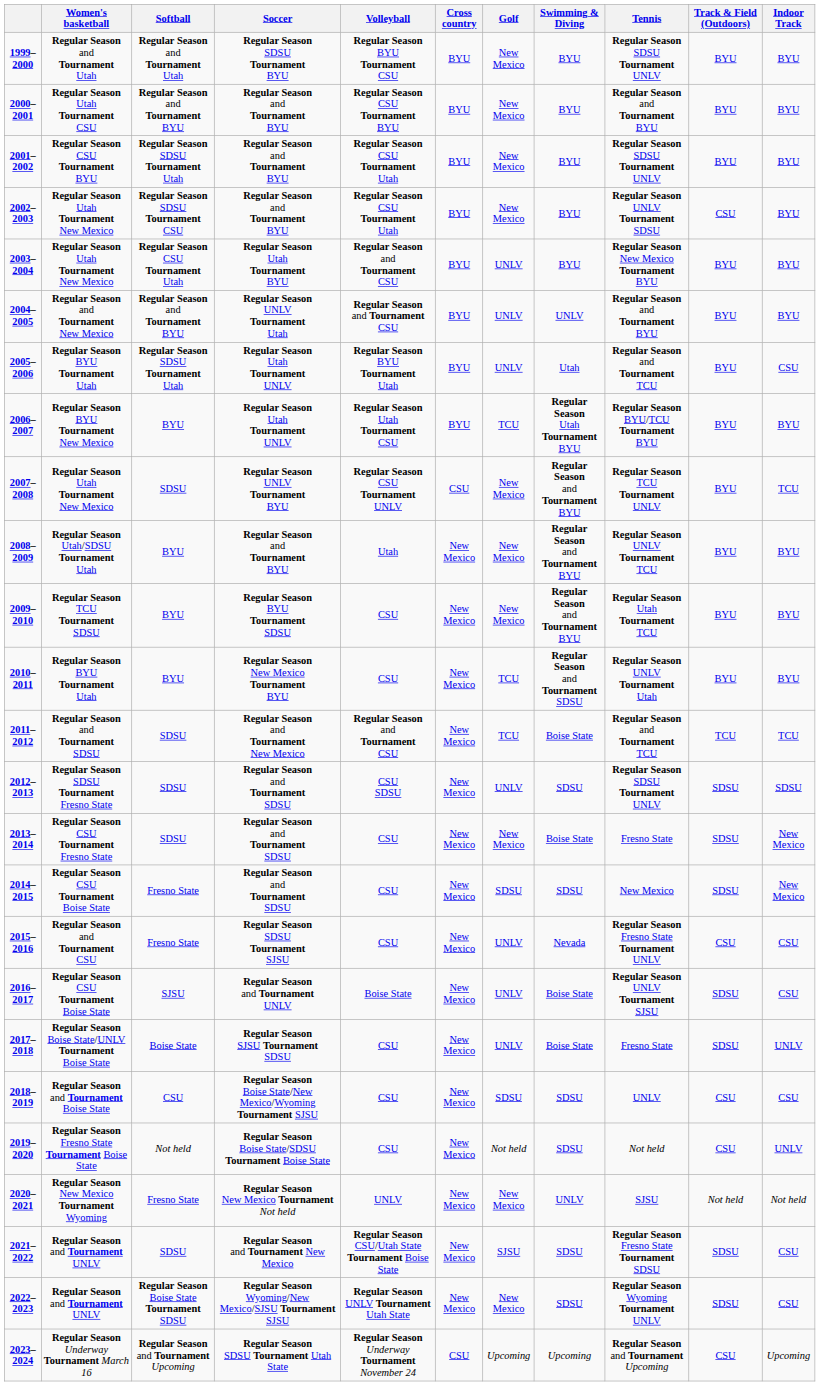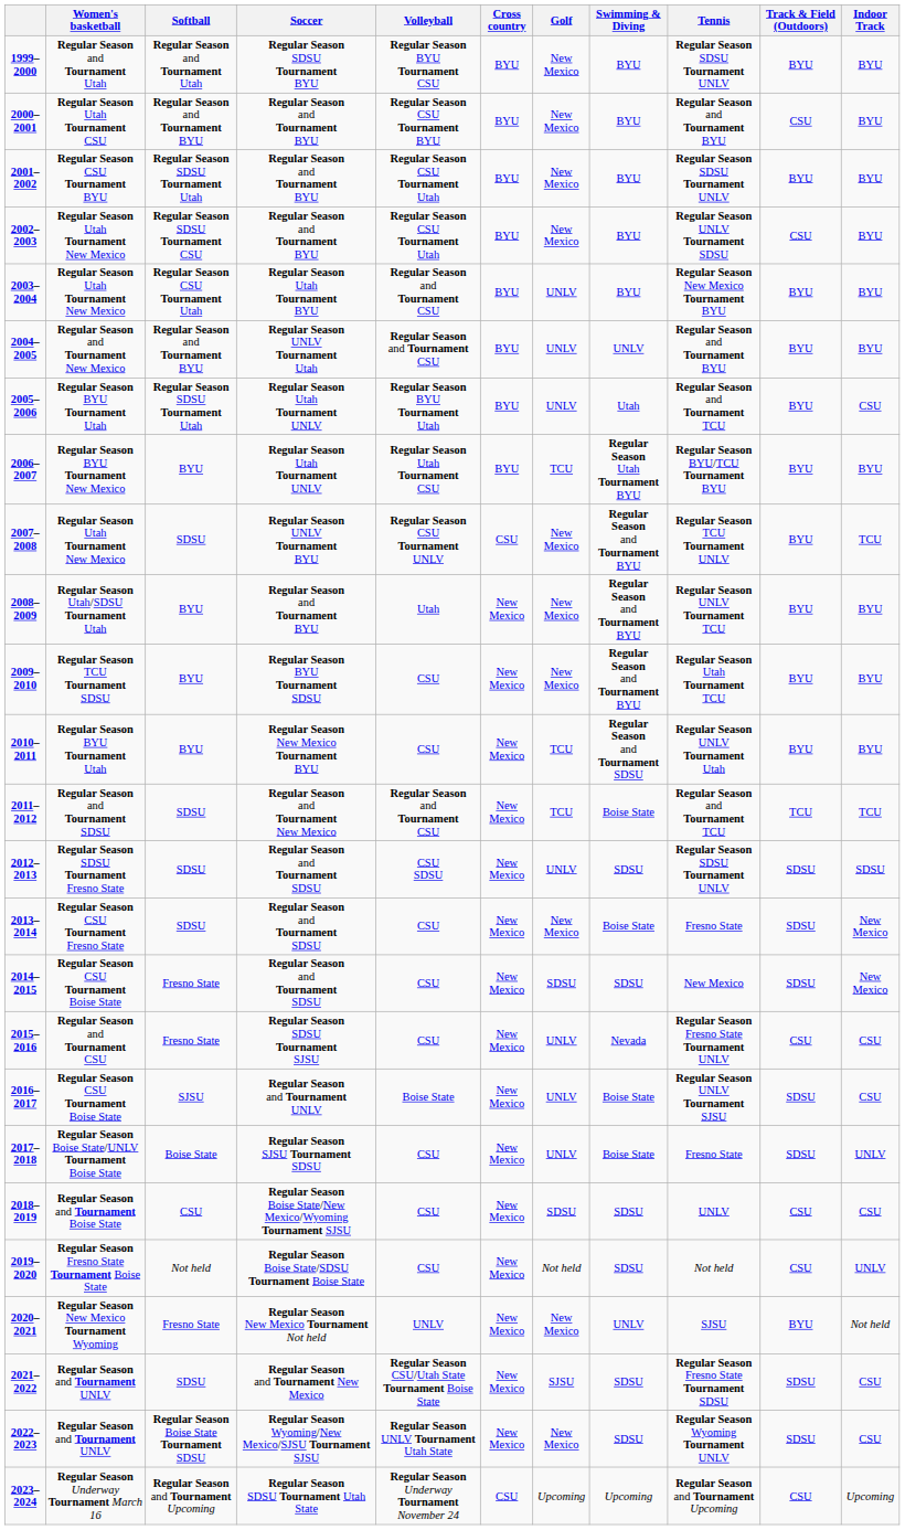 <table class="wikitable" style="text-align:center">
 <tr>
 <th></th>
 <th><a href='#'>Women's basketball</a></th>
 <th><a href='#'>Softball</a></th>
 <th><a href='#'>Soccer</a></th>
 <th><a href='#'>Volleyball</a></th>
 <th><a href='#'>Cross country</a></th>
 <th><a href='#'>Golf</a></th>
 <th><a href='#'>Swimming & Diving</a></th>
 <th><a href='#'>Tennis</a></th>
 <th><a href='#'>Track & Field (Outdoors)</a></th>
 <th><a href='#'>Indoor Track</a></th>
 </tr>
 <tr>
 <td><strong><a href='#'>1999</a>–<a href='#'>2000</a></strong></td>
 <td><strong>Regular Season</strong> <br> and<br><strong>Tournament</strong> <br> <a href='#'>Utah</a></td>
 <td><strong>Regular Season</strong> <br> and <br><strong>Tournament</strong> <br> <a href='#'>Utah</a></td>
 <td><strong>Regular Season</strong> <br> <a href='#'>SDSU</a> <br> <strong>Tournament</strong> <br> <a href='#'>BYU</a></td>
 <td><strong>Regular Season</strong> <br> <a href='#'>BYU</a> <br> <strong>Tournament</strong> <br> <a href='#'>CSU</a></td>
 <td><a href='#'>BYU</a></td>
 <td><a href='#'>New Mexico</a></td>
 <td><a href='#'>BYU</a></td>
 <td><strong>Regular Season</strong> <br> <a href='#'>SDSU</a> <br> <strong>Tournament</strong> <br> <a href='#'>UNLV</a></td>
 <td><a href='#'>BYU</a></td>
 <td><a href='#'>BYU</a></td>
 </tr>
 <tr>
 <td><strong><a href='#'>2000</a>–<a href='#'>2001</a></strong></td>
 <td><strong>Regular Season</strong> <br> <a href='#'>Utah</a> <br> <strong>Tournament</strong> <br> <a href='#'>CSU</a></td>
 <td><strong>Regular Season</strong> <br> and <br> <strong>Tournament</strong> <br> <a href='#'>BYU</a></td>
 <td><strong>Regular Season</strong> <br> and <br> <strong>Tournament</strong> <br> <a href='#'>BYU</a></td>
 <td><strong>Regular Season</strong> <br> <a href='#'>CSU</a> <br> <strong>Tournament</strong> <br> <a href='#'>BYU</a></td>
 <td><a href='#'>BYU</a></td>
 <td><a href='#'>New Mexico</a></td>
 <td><a href='#'>BYU</a></td>
 <td><strong>Regular Season</strong> <br> and <br> <strong>Tournament</strong> <br> <a href='#'>BYU</a></td>
-<td><a href='#'>BYU</a></td>
+<td><a href='#'>CSU</a></td>
 <td><a href='#'>BYU</a></td>
 </tr>
 <tr>
 <td><strong><a href='#'>2001</a>–<a href='#'>2002</a></strong></td>
 <td><strong>Regular Season</strong> <br> <a href='#'>CSU</a> <br> <strong>Tournament</strong> <br> <a href='#'>BYU</a></td>
 <td><strong>Regular Season</strong> <br> <a href='#'>SDSU</a> <br> <strong>Tournament</strong> <br> <a href='#'>Utah</a></td>
 <td><strong>Regular Season</strong> <br> and <br> <strong>Tournament</strong> <br> <a href='#'>BYU</a></td>
 <td><strong>Regular Season</strong> <br> <a href='#'>CSU</a> <br> <strong>Tournament</strong> <br> <a href='#'>Utah</a></td>
 <td><a href='#'>BYU</a></td>
 <td><a href='#'>New Mexico</a></td>
 <td><a href='#'>BYU</a></td>
 <td><strong>Regular Season</strong> <br> <a href='#'>SDSU</a> <br> <strong>Tournament</strong> <br> <a href='#'>UNLV</a></td>
 <td><a href='#'>BYU</a></td>
 <td><a href='#'>BYU</a></td>
 </tr>
 <tr>
 <td><strong><a href='#'>2002</a>–<a href='#'>2003</a></strong></td>
 <td><strong>Regular Season</strong> <br> <a href='#'>Utah</a> <br> <strong>Tournament</strong> <br> <a href='#'>New Mexico</a></td>
 <td><strong>Regular Season</strong> <br> <a href='#'>SDSU</a> <br> <strong>Tournament</strong> <br> <a href='#'>CSU</a></td>
 <td><strong>Regular Season</strong> <br> and <br> <strong>Tournament</strong> <br> <a href='#'>BYU</a></td>
 <td><strong>Regular Season</strong> <br> <a href='#'>CSU</a> <br> <strong>Tournament</strong> <br> <a href='#'>Utah</a></td>
 <td><a href='#'>BYU</a></td>
 <td><a href='#'>New Mexico</a></td>
 <td><a href='#'>BYU</a></td>
 <td><strong>Regular Season</strong> <br> <a href='#'>UNLV</a> <br> <strong>Tournament</strong> <br> <a href='#'>SDSU</a></td>
 <td><a href='#'>CSU</a></td>
 <td><a href='#'>BYU</a></td>
 </tr>
 <tr>
 <td><strong><a href='#'>2003</a>–<a href='#'>2004</a></strong></td>
 <td><strong>Regular Season</strong> <br> <a href='#'>Utah</a> <br> <strong>Tournament</strong> <br> <a href='#'>New Mexico</a></td>
 <td><strong>Regular Season</strong> <br> <a href='#'>CSU</a> <br> <strong>Tournament</strong> <br> <a href='#'>Utah</a></td>
 <td><strong>Regular Season</strong> <br> <a href='#'>Utah</a> <br> <strong>Tournament</strong> <br> <a href='#'>BYU</a></td>
 <td><strong>Regular Season</strong> <br> and <br> <strong>Tournament</strong> <br> <a href='#'>CSU</a></td>
 <td><a href='#'>BYU</a></td>
 <td><a href='#'>UNLV</a></td>
 <td><a href='#'>BYU</a></td>
 <td><strong>Regular Season</strong> <br> <a href='#'>New Mexico</a> <br> <strong>Tournament</strong> <br> <a href='#'>BYU</a></td>
 <td><a href='#'>BYU</a></td>
 <td><a href='#'>BYU</a></td>
 </tr>
 <tr>
 <td><strong><a href='#'>2004</a>–<a href='#'>2005</a></strong></td>
 <td><strong>Regular Season</strong> <br> and <br><strong>Tournament</strong> <br> <a href='#'>New Mexico</a></td>
 <td><strong>Regular Season</strong> <br> and <br><strong>Tournament</strong> <br> <a href='#'>BYU</a></td>
 <td><strong>Regular Season</strong> <br> <a href='#'>UNLV</a> <br> <strong>Tournament</strong> <br> <a href='#'>Utah</a></td>
 <td><strong>Regular Season</strong> <br> and  <strong>Tournament</strong> <br> <a href='#'>CSU</a></td>
 <td><a href='#'>BYU</a></td>
 <td><a href='#'>UNLV</a></td>
 <td><a href='#'>UNLV</a></td>
 <td><strong>Regular Season</strong> <br> and <br> <strong>Tournament</strong> <br> <a href='#'>BYU</a></td>
 <td><a href='#'>BYU</a></td>
 <td><a href='#'>BYU</a></td>
 </tr>
 <tr>
 <td><strong><a href='#'>2005</a>–<a href='#'>2006</a></strong></td>
 <td><strong>Regular Season</strong> <br> <a href='#'>BYU</a> <br> <strong>Tournament</strong> <br> <a href='#'>Utah</a></td>
 <td><strong>Regular Season</strong> <br> <a href='#'>SDSU</a> <br> <strong>Tournament</strong> <br> <a href='#'>Utah</a></td>
 <td><strong>Regular Season</strong> <br> <a href='#'>Utah</a> <br> <strong>Tournament</strong> <br> <a href='#'>UNLV</a></td>
 <td><strong>Regular Season</strong> <br> <a href='#'>BYU</a> <br> <strong>Tournament</strong> <br> <a href='#'>Utah</a></td>
 <td><a href='#'>BYU</a></td>
 <td><a href='#'>UNLV</a></td>
 <td><a href='#'>Utah</a></td>
 <td><strong>Regular Season</strong> <br> and <br> <strong>Tournament</strong> <br> <a href='#'>TCU</a></td>
 <td><a href='#'>BYU</a></td>
 <td><a href='#'>CSU</a></td>
 </tr>
 <tr>
 <td><strong><a href='#'>2006</a>–<a href='#'>2007</a></strong></td>
 <td><strong>Regular Season</strong> <br> <a href='#'>BYU</a> <br> <strong>Tournament</strong> <br> <a href='#'>New Mexico</a></td>
 <td><a href='#'>BYU</a></td>
 <td><strong>Regular Season</strong> <br> <a href='#'>Utah</a> <br> <strong>Tournament</strong> <br> <a href='#'>UNLV</a></td>
 <td><strong>Regular Season</strong> <br> <a href='#'>Utah</a> <br> <strong>Tournament</strong> <br> <a href='#'>CSU</a></td>
 <td><a href='#'>BYU</a></td>
 <td><a href='#'>TCU</a></td>
 <td><strong>Regular Season</strong> <br> <a href='#'>Utah</a> <br> <strong>Tournament</strong> <br> <a href='#'>BYU</a></td>
 <td><strong>Regular Season</strong> <br> <a href='#'>BYU</a>/<a href='#'>TCU</a> <br> <strong>Tournament</strong> <br> <a href='#'>BYU</a></td>
 <td><a href='#'>BYU</a></td>
 <td><a href='#'>BYU</a></td>
 </tr>
 <tr>
 <td><strong><a href='#'>2007</a>–<a href='#'>2008</a></strong></td>
 <td><strong>Regular Season</strong> <br> <a href='#'>Utah</a><br> <strong>Tournament</strong> <br> <a href='#'>New Mexico</a></td>
 <td><a href='#'>SDSU</a></td>
 <td><strong>Regular Season</strong> <br> <a href='#'>UNLV</a> <br> <strong>Tournament</strong> <br> <a href='#'>BYU</a></td>
 <td><strong>Regular Season</strong> <br> <a href='#'>CSU</a> <br> <strong>Tournament</strong> <br> <a href='#'>UNLV</a></td>
 <td><a href='#'>CSU</a></td>
 <td><a href='#'>New Mexico</a></td>
 <td><strong>Regular Season</strong><br>and<br><strong>Tournament</strong><br><a href='#'>BYU</a></td>
 <td><strong>Regular Season</strong><br><a href='#'>TCU</a><br><strong>Tournament</strong><br><a href='#'>UNLV</a></td>
 <td><a href='#'>BYU</a></td>
 <td><a href='#'>TCU</a></td>
 </tr>
 <tr>
 <td><strong><a href='#'>2008</a>–<a href='#'>2009</a></strong></td>
 <td><strong>Regular Season</strong><br><a href='#'>Utah</a>/<a href='#'>SDSU</a> <br><strong>Tournament</strong><br><a href='#'>Utah</a></td>
 <td><a href='#'>BYU</a></td>
 <td><strong>Regular Season</strong><br>and<br><strong>Tournament</strong><br><a href='#'>BYU</a></td>
 <td><a href='#'>Utah</a></td>
 <td><a href='#'>New Mexico</a></td>
 <td><a href='#'>New Mexico</a></td>
 <td><strong>Regular Season</strong><br>and<br><strong>Tournament</strong><br><a href='#'>BYU</a></td>
 <td><strong>Regular Season</strong><br><a href='#'>UNLV</a><br><strong>Tournament</strong><br><a href='#'>TCU</a></td>
 <td><a href='#'>BYU</a></td>
 <td><a href='#'>BYU</a></td>
 </tr>
 <tr>
 <td><strong><a href='#'>2009</a>–<a href='#'>2010</a></strong></td>
 <td><strong>Regular Season</strong><br> <a href='#'>TCU</a> <br><strong>Tournament</strong><br> <a href='#'>SDSU</a></td>
 <td><a href='#'>BYU</a></td>
 <td><strong>Regular Season</strong> <br> <a href='#'>BYU</a><br><strong>Tournament</strong> <br> <a href='#'>SDSU</a></td>
 <td><a href='#'>CSU</a></td>
 <td><a href='#'>New Mexico</a></td>
 <td><a href='#'>New Mexico</a></td>
 <td><strong>Regular Season</strong><br> and <br><strong>Tournament</strong><br> <a href='#'>BYU</a></td>
 <td><strong>Regular Season</strong> <br> <a href='#'>Utah</a> <br> <strong>Tournament</strong> <br> <a href='#'>TCU</a></td>
 <td><a href='#'>BYU</a></td>
 <td><a href='#'>BYU</a></td>
 </tr>
 <tr>
 <td><strong><a href='#'>2010</a>–<a href='#'>2011</a></strong></td>
 <td><strong>Regular Season</strong><br> <a href='#'>BYU</a> <br><strong>Tournament</strong><br> <a href='#'>Utah</a></td>
 <td><a href='#'>BYU</a></td>
 <td><strong>Regular Season</strong><br> <a href='#'>New Mexico</a><br><strong>Tournament</strong> <br> <a href='#'>BYU</a></td>
 <td><a href='#'>CSU</a></td>
 <td><a href='#'>New Mexico</a></td>
 <td><a href='#'>TCU</a></td>
 <td><strong>Regular Season</strong><br> and <br><strong>Tournament</strong><br>  <a href='#'>SDSU</a></td>
 <td><strong>Regular Season</strong><br> <a href='#'>UNLV</a> <br><strong>Tournament</strong> <br> <a href='#'>Utah</a></td>
 <td><a href='#'>BYU</a></td>
 <td><a href='#'>BYU</a></td>
 </tr>
 <tr>
 <td><strong><a href='#'>2011</a>–<a href='#'>2012</a></strong></td>
 <td><strong>Regular Season</strong><br> and <br><strong>Tournament</strong> <br> <a href='#'>SDSU</a></td>
 <td><a href='#'>SDSU</a></td>
 <td><strong>Regular Season</strong><br> and <br><strong>Tournament</strong><br><a href='#'>New Mexico</a></td>
 <td><strong>Regular Season</strong><br> and <br><strong>Tournament</strong><br><a href='#'>CSU</a></td>
 <td><a href='#'>New Mexico</a></td>
 <td><a href='#'>TCU</a></td>
 <td><a href='#'>Boise State</a></td>
 <td><strong>Regular Season</strong><br> and <br><strong>Tournament</strong><br><a href='#'>TCU</a></td>
 <td><a href='#'>TCU</a></td>
 <td><a href='#'>TCU</a></td>
 </tr>
 <tr>
 <td><strong><a href='#'>2012</a>–<a href='#'>2013</a></strong></td>
 <td><strong>Regular Season</strong> <br><a href='#'>SDSU</a> <br><strong>Tournament</strong><br> <a href='#'>Fresno State</a></td>
 <td><a href='#'>SDSU</a></td>
 <td><strong>Regular Season</strong><br> and <br><strong>Tournament</strong> <br> <a href='#'>SDSU</a></td>
 <td><a href='#'>CSU</a><br><a href='#'>SDSU</a></td>
 <td><a href='#'>New Mexico</a></td>
 <td><a href='#'>UNLV</a></td>
 <td><a href='#'>SDSU</a></td>
 <td><strong>Regular Season</strong> <br><a href='#'>SDSU</a> <br><strong>Tournament</strong><br><a href='#'>UNLV</a></td>
 <td><a href='#'>SDSU</a></td>
 <td><a href='#'>SDSU</a></td>
 </tr>
 <tr>
 <td><strong><a href='#'>2013</a>–<a href='#'>2014</a></strong></td>
 <td><strong>Regular Season</strong> <br><a href='#'>CSU</a> <br><strong>Tournament</strong><br><a href='#'>Fresno State</a></td>
 <td><a href='#'>SDSU</a></td>
 <td><strong>Regular Season</strong><br> and <br><strong>Tournament</strong> <br> <a href='#'>SDSU</a></td>
 <td><a href='#'>CSU</a></td>
 <td><a href='#'>New Mexico</a></td>
 <td><a href='#'>New Mexico</a></td>
 <td><a href='#'>Boise State</a></td>
 <td><a href='#'>Fresno State</a></td>
 <td><a href='#'>SDSU</a></td>
 <td><a href='#'>New Mexico</a></td>
 </tr>
 <tr>
 <td><strong><a href='#'>2014</a>–<a href='#'>2015</a></strong></td>
 <td><strong>Regular Season</strong> <br><a href='#'>CSU</a><br><strong>Tournament</strong><br><a href='#'>Boise State</a></td>
 <td><a href='#'>Fresno State</a></td>
 <td><strong>Regular Season</strong><br> and <br><strong>Tournament</strong> <br> <a href='#'>SDSU</a></td>
 <td><a href='#'>CSU</a></td>
 <td><a href='#'>New Mexico</a></td>
 <td><a href='#'>SDSU</a></td>
 <td><a href='#'>SDSU</a></td>
 <td><a href='#'>New Mexico</a></td>
 <td><a href='#'>SDSU</a></td>
 <td><a href='#'>New Mexico</a></td>
 </tr>
 <tr>
 <td><strong><a href='#'>2015</a>–<a href='#'>2016</a></strong></td>
 <td><strong>Regular Season</strong> <br>and<br><strong>Tournament</strong><br><a href='#'>CSU</a></td>
 <td><a href='#'>Fresno State</a></td>
 <td><strong>Regular Season</strong><br><a href='#'>SDSU</a><br><strong>Tournament</strong> <br><a href='#'>SJSU</a></td>
 <td><a href='#'>CSU</a></td>
 <td><a href='#'>New Mexico</a></td>
 <td><a href='#'>UNLV</a></td>
 <td><a href='#'>Nevada</a></td>
 <td><strong>Regular Season</strong> <br><a href='#'>Fresno State</a><br><strong>Tournament</strong><br><a href='#'>UNLV</a></td>
 <td><a href='#'>CSU</a></td>
 <td><a href='#'>CSU</a></td>
 </tr>
 <tr>
 <td><strong><a href='#'>2016</a>–<a href='#'>2017</a></strong></td>
 <td><strong>Regular Season</strong> <br><a href='#'>CSU</a><br><strong>Tournament</strong><br><a href='#'>Boise State</a></td>
 <td><a href='#'>SJSU</a></td>
 <td><strong>Regular Season</strong><br>and <strong>Tournament</strong> <br><a href='#'>UNLV</a></td>
 <td><a href='#'>Boise State</a></td>
 <td><a href='#'>New Mexico</a></td>
 <td><a href='#'>UNLV</a></td>
 <td><a href='#'>Boise State</a></td>
 <td><strong>Regular Season</strong> <br><a href='#'>UNLV</a><br><strong>Tournament</strong><br><a href='#'>SJSU</a></td>
 <td><a href='#'>SDSU</a></td>
 <td><a href='#'>CSU</a></td>
 </tr>
 <tr>
 <td><strong><a href='#'>2017</a>–<a href='#'>2018</a></strong></td>
 <td><strong>Regular Season</strong> <br><a href='#'>Boise State</a>/<a href='#'>UNLV</a><br><strong>Tournament</strong><br><a href='#'>Boise State</a></td>
 <td><a href='#'>Boise State</a></td>
 <td><strong>Regular Season</strong><br><a href='#'>SJSU</a> <strong>Tournament</strong> <br><a href='#'>SDSU</a></td>
 <td><a href='#'>CSU</a></td>
 <td><a href='#'>New Mexico</a></td>
 <td><a href='#'>UNLV</a></td>
 <td><a href='#'>Boise State</a></td>
 <td><a href='#'>Fresno State</a></td>
 <td><a href='#'>SDSU</a></td>
 <td><a href='#'>UNLV</a></td>
 </tr>
 <tr>
 <td><strong><a href='#'>2018</a>–<a href='#'>2019</a></strong></td>
 <td><strong>Regular Season</strong><br>and <strong><a href='#'>Tournament</a></strong> <a href='#'>Boise State</a></td>
 <td><a href='#'>CSU</a></td>
 <td><strong>Regular Season</strong><br><a href='#'>Boise State</a>/<a href='#'>New Mexico</a>/<a href='#'>Wyoming</a> <strong>Tournament</strong> <a href='#'>SJSU</a></td>
 <td><a href='#'>CSU</a></td>
 <td><a href='#'>New Mexico</a></td>
 <td><a href='#'>SDSU</a></td>
 <td><a href='#'>SDSU</a></td>
 <td><a href='#'>UNLV</a></td>
 <td><a href='#'>CSU</a></td>
 <td><a href='#'>CSU</a></td>
 </tr>
 <tr>
 <td><strong><a href='#'>2019</a>–<a href='#'>2020</a></strong></td>
 <td><strong>Regular Season</strong><br><a href='#'>Fresno State</a> <strong><a href='#'>Tournament</a></strong> <a href='#'>Boise State</a></td>
 <td><em>Not held</em></td>
 <td><strong>Regular Season</strong><br><a href='#'>Boise State</a>/<a href='#'>SDSU</a> <strong>Tournament</strong> <a href='#'>Boise State</a></td>
 <td><a href='#'>CSU</a></td>
 <td><a href='#'>New Mexico</a></td>
 <td><em>Not held</em></td>
 <td><a href='#'>SDSU</a></td>
 <td><em>Not held</em></td>
 <td><a href='#'>CSU</a></td>
 <td><a href='#'>UNLV</a></td>
 </tr>
 <tr>
 <td><strong><a href='#'>2020</a>–<a href='#'>2021</a></strong></td>
 <td><strong>Regular Season</strong><br><a href='#'>New Mexico</a> <strong>Tournament</strong> <a href='#'>Wyoming</a></td>
 <td><a href='#'>Fresno State</a></td>
 <td><strong>Regular Season</strong><br><a href='#'>New Mexico</a> <strong>Tournament</strong> <em>Not held</em></td>
 <td><a href='#'>UNLV</a></td>
 <td><a href='#'>New Mexico</a></td>
 <td><a href='#'>New Mexico</a></td>
 <td><a href='#'>UNLV</a></td>
 <td><a href='#'>SJSU</a></td>
-<td><em>Not held</em></td>
+<td><a href='#'>BYU</a></td>
 <td><em>Not held</em></td>
 </tr>
 <tr>
 <td><strong><a href='#'>2021</a>–<a href='#'>2022</a></strong></td>
 <td><strong>Regular Season</strong><br>and <strong><a href='#'>Tournament</a></strong> <a href='#'>UNLV</a></td>
 <td><a href='#'>SDSU</a></td>
 <td><strong>Regular Season</strong><br>and <strong>Tournament</strong> <a href='#'>New Mexico</a></td>
 <td><strong>Regular Season</strong><br><a href='#'>CSU</a>/<a href='#'>Utah State</a> <strong>Tournament</strong> <a href='#'>Boise State</a></td>
 <td><a href='#'>New Mexico</a></td>
 <td><a href='#'>SJSU</a></td>
 <td><a href='#'>SDSU</a></td>
 <td><strong>Regular Season</strong><br><a href='#'>Fresno State</a> <strong>Tournament</strong> <a href='#'>SDSU</a></td>
 <td><a href='#'>SDSU</a></td>
 <td><a href='#'>CSU</a></td>
 </tr>
 <tr>
 <td><strong><a href='#'>2022</a>–<a href='#'>2023</a></strong></td>
 <td><strong>Regular Season</strong><br>and <strong><a href='#'>Tournament</a></strong> <a href='#'>UNLV</a></td>
 <td><strong>Regular Season</strong><br><a href='#'>Boise State</a> <strong>Tournament</strong> <a href='#'>SDSU</a></td>
 <td><strong>Regular Season</strong><br><a href='#'>Wyoming</a>/<a href='#'>New Mexico</a>/<a href='#'>SJSU</a> <strong>Tournament</strong> <a href='#'>SJSU</a></td>
 <td><strong>Regular Season</strong><br><a href='#'>UNLV</a> <strong>Tournament</strong> <a href='#'>Utah State</a></td>
 <td><a href='#'>New Mexico</a></td>
 <td><a href='#'>New Mexico</a></td>
 <td><a href='#'>SDSU</a></td>
 <td><strong>Regular Season</strong><br><a href='#'>Wyoming</a> <strong>Tournament</strong> <a href='#'>UNLV</a></td>
 <td><a href='#'>SDSU</a></td>
 <td><a href='#'>CSU</a></td>
 </tr>
 <tr>
 <td><strong><a href='#'>2023</a>–<a href='#'>2024</a></strong></td>
 <td><strong>Regular Season</strong><br><em>Underway</em> <strong>Tournament</strong> <em>March 16</em></td>
 <td><strong>Regular Season</strong><br>and <strong>Tournament</strong> <em>Upcoming</em></td>
 <td><strong>Regular Season</strong><br><a href='#'>SDSU</a> <strong>Tournament</strong> <a href='#'>Utah State</a></td>
 <td><strong>Regular Season</strong><br><em>Underway</em> <strong>Tournament</strong> <em>November 24</em></td>
 <td><a href='#'>CSU</a></td>
 <td><em>Upcoming</em></td>
 <td><em>Upcoming</em></td>
 <td><strong>Regular Season</strong><br>and <strong>Tournament</strong> <em>Upcoming</em></td>
 <td><a href='#'>CSU</a></td>
 <td><em>Upcoming</em></td>
 </tr>
 </table>
